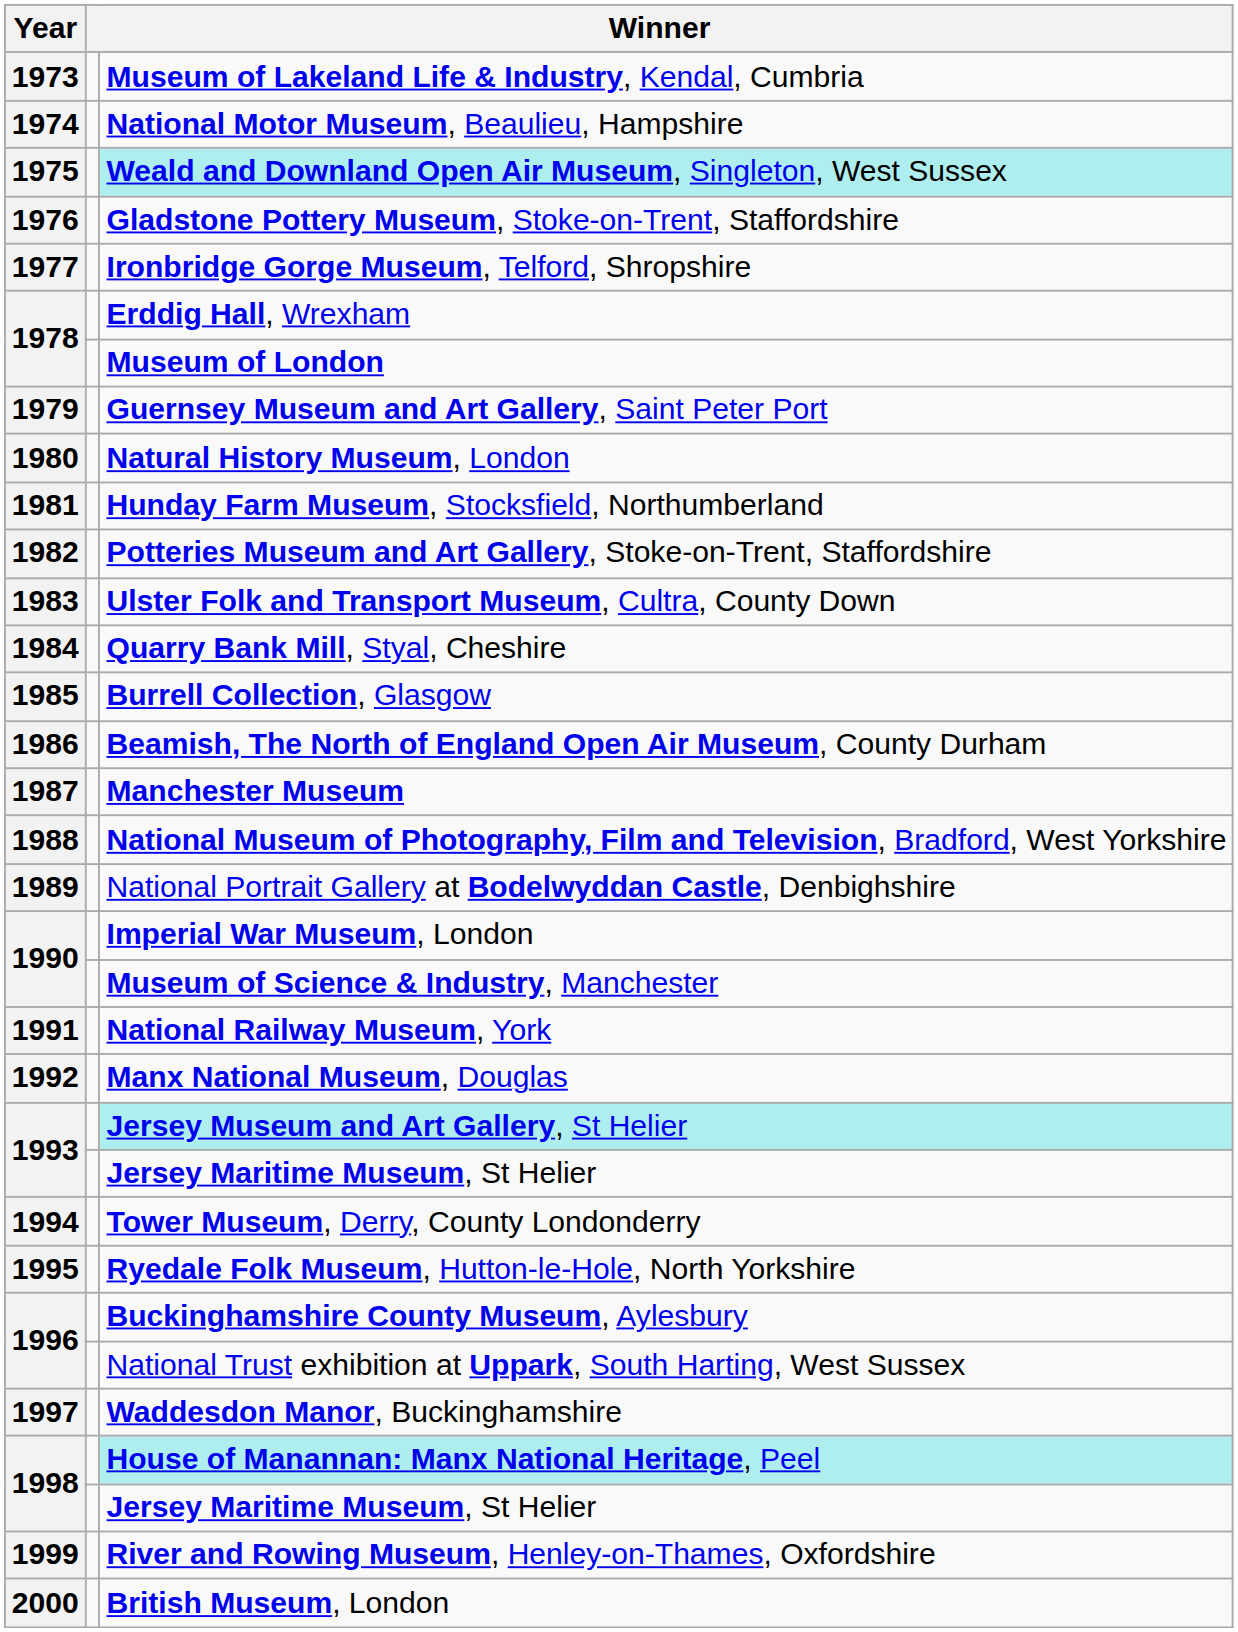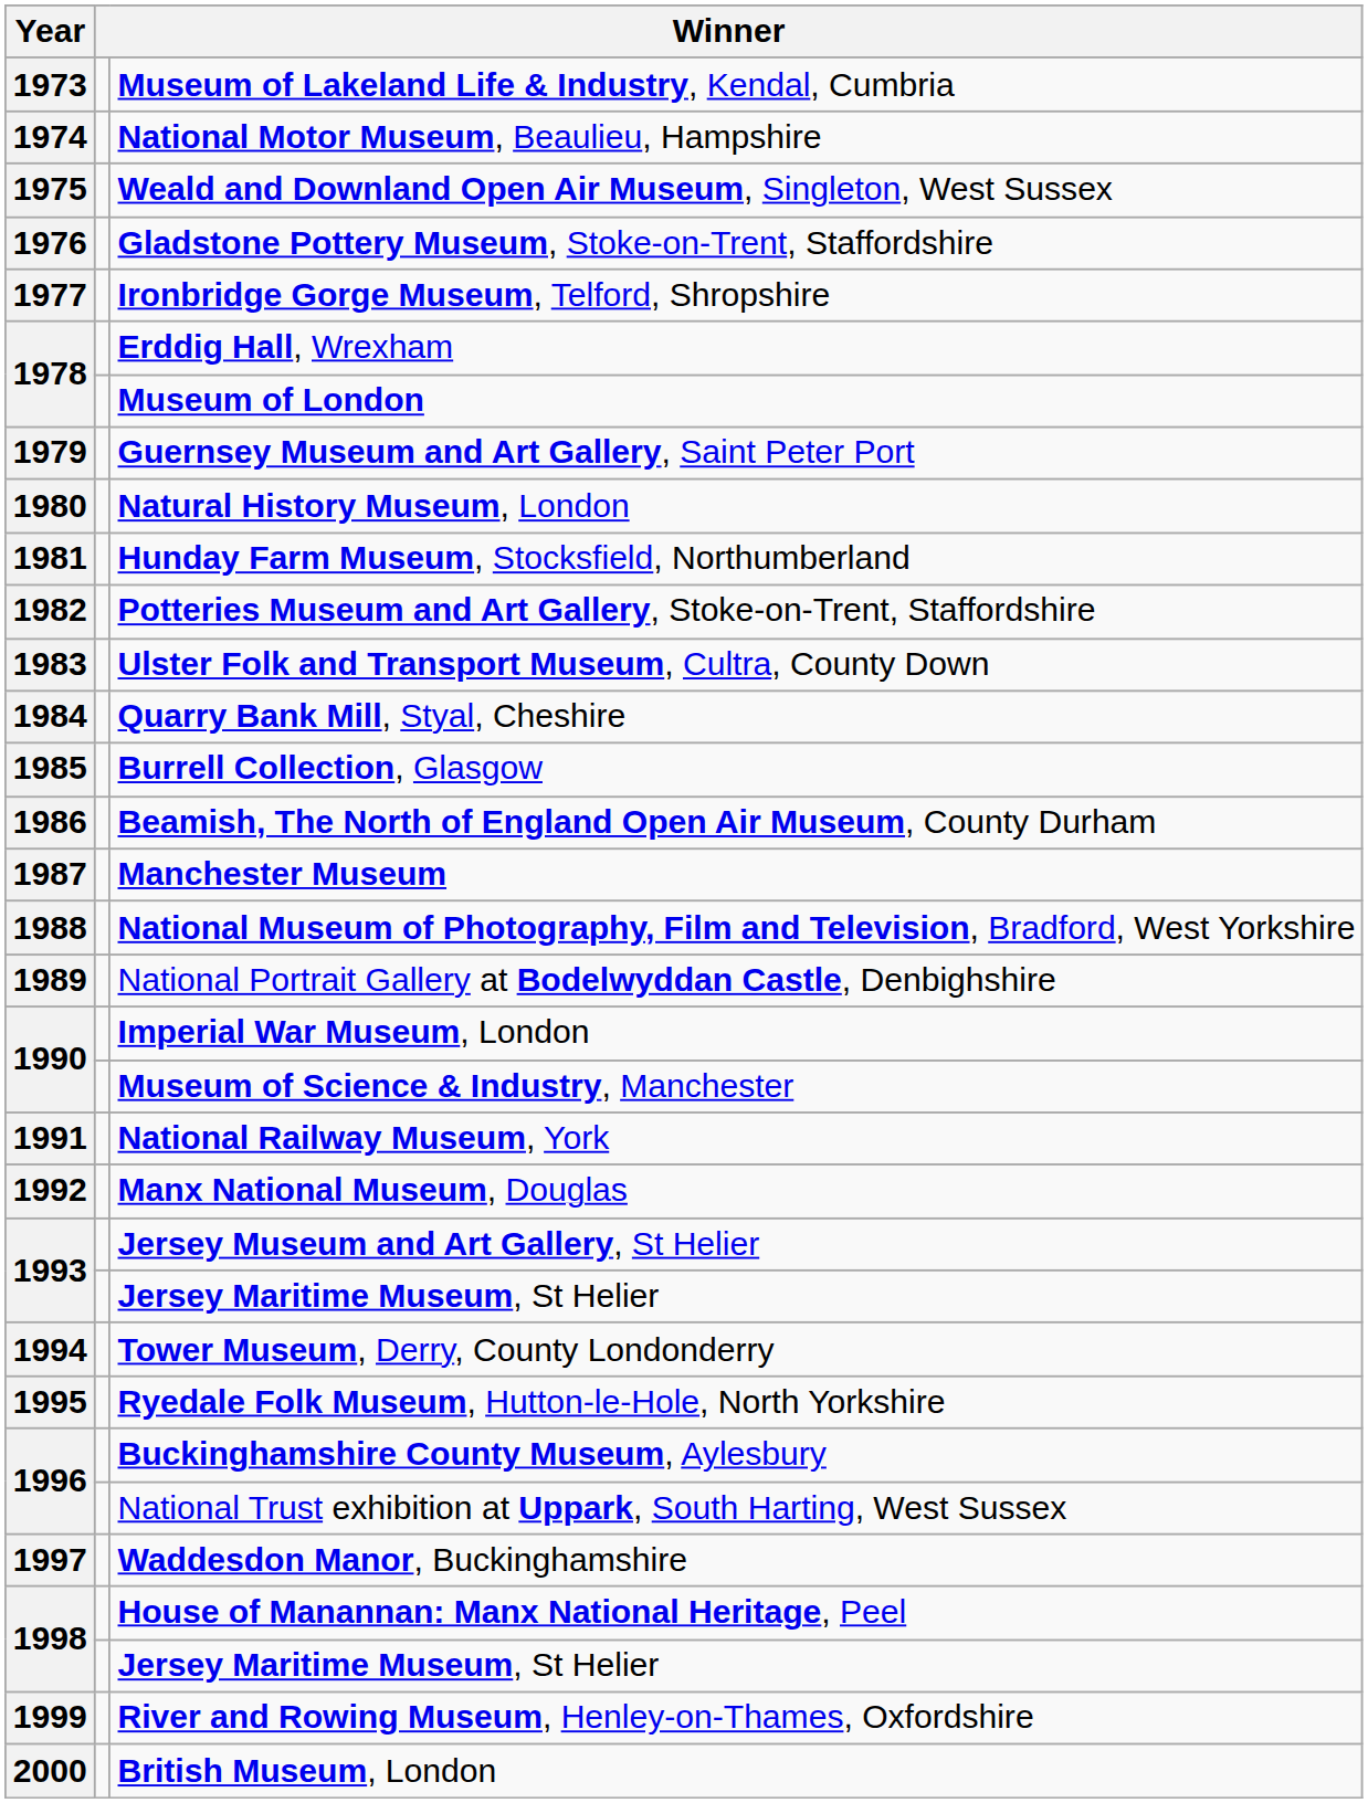 <table class="wikitable sortable plainrowheaders">
 <tr>
 <th scope="col" width=30>Year</th>
 <th class="unsortable" colspan=2>Winner</th>
 </tr>
 <tr>
 <th>1973</th>
 <td></td>
 <td><strong><a href='#'>Museum of Lakeland Life & Industry</a></strong>, <a href='#'>Kendal</a>, Cumbria</td>
 </tr>
 <tr>
 <th>1974</th>
 <td></td>
 <td><strong><a href='#'>National Motor Museum</a></strong>, <a href='#'>Beaulieu</a>, Hampshire</td>
 </tr>
 <tr>
 <th>1975</th>
 <td></td>
-<td style="background: paleturquoise;"><strong><a href='#'>Weald and Downland Open Air Museum</a></strong>, <a href='#'>Singleton</a>, West Sussex</td>
+<td><strong><a href='#'>Weald and Downland Open Air Museum</a></strong>, <a href='#'>Singleton</a>, West Sussex</td>
 </tr>
 <tr>
 <th>1976</th>
 <td></td>
 <td><strong><a href='#'>Gladstone Pottery Museum</a></strong>, <a href='#'>Stoke-on-Trent</a>, Staffordshire</td>
 </tr>
 <tr>
 <th>1977</th>
 <td></td>
 <td><strong><a href='#'>Ironbridge Gorge Museum</a></strong>, <a href='#'>Telford</a>, Shropshire</td>
 </tr>
 <tr>
 <th rowspan=2>1978</th>
 <td></td>
 <td><strong><a href='#'>Erddig Hall</a></strong>, <a href='#'>Wrexham</a></td>
 </tr>
 <tr>
 <td></td>
 <td><strong><a href='#'>Museum of London</a></strong></td>
 </tr>
 <tr>
 <th>1979</th>
 <td></td>
 <td><strong><a href='#'>Guernsey Museum and Art Gallery</a></strong>, <a href='#'>Saint Peter Port</a></td>
 </tr>
 <tr>
 <th>1980</th>
 <td></td>
 <td><strong><a href='#'>Natural History Museum</a></strong>, <a href='#'>London</a></td>
 </tr>
 <tr>
 <th>1981</th>
 <td></td>
 <td><strong><a href='#'>Hunday Farm Museum</a></strong>, <a href='#'>Stocksfield</a>, Northumberland</td>
 </tr>
 <tr>
 <th>1982</th>
 <td></td>
 <td><strong><a href='#'>Potteries Museum and Art Gallery</a></strong>, Stoke-on-Trent, Staffordshire</td>
 </tr>
 <tr>
 <th>1983</th>
 <td></td>
 <td><strong><a href='#'>Ulster Folk and Transport Museum</a></strong>, <a href='#'>Cultra</a>, County Down</td>
 </tr>
 <tr>
 <th>1984</th>
 <td></td>
 <td><strong><a href='#'>Quarry Bank Mill</a></strong>, <a href='#'>Styal</a>, Cheshire</td>
 </tr>
 <tr>
 <th>1985</th>
 <td></td>
 <td><strong><a href='#'>Burrell Collection</a></strong>, <a href='#'>Glasgow</a></td>
 </tr>
 <tr>
 <th>1986</th>
 <td></td>
 <td><strong><a href='#'>Beamish, The North of England Open Air Museum</a></strong>, County Durham</td>
 </tr>
 <tr>
 <th>1987</th>
 <td></td>
 <td><strong><a href='#'>Manchester Museum</a></strong></td>
 </tr>
 <tr>
 <th>1988</th>
 <td></td>
 <td><strong><a href='#'>National Museum of Photography, Film and Television</a></strong>, <a href='#'>Bradford</a>, West Yorkshire</td>
 </tr>
 <tr>
 <th>1989</th>
 <td></td>
 <td><a href='#'>National Portrait Gallery</a> at <strong><a href='#'>Bodelwyddan Castle</a></strong>, Denbighshire</td>
 </tr>
 <tr>
 <th rowspan=2>1990</th>
 <td></td>
 <td><strong><a href='#'>Imperial War Museum</a></strong>, London</td>
 </tr>
 <tr>
 <td></td>
 <td><strong><a href='#'>Museum of Science & Industry</a></strong>, <a href='#'>Manchester</a></td>
 </tr>
 <tr>
 <th>1991</th>
 <td></td>
 <td><strong><a href='#'>National Railway Museum</a></strong>, <a href='#'>York</a></td>
 </tr>
 <tr>
 <th>1992</th>
 <td></td>
 <td><strong><a href='#'>Manx National Museum</a></strong>, <a href='#'>Douglas</a></td>
 </tr>
 <tr>
 <th rowspan=2>1993</th>
 <td></td>
-<td style="background: paleturquoise;"><strong><a href='#'>Jersey Museum and Art Gallery</a></strong>, <a href='#'>St Helier</a></td>
+<td><strong><a href='#'>Jersey Museum and Art Gallery</a></strong>, <a href='#'>St Helier</a></td>
 </tr>
 <tr>
 <td></td>
 <td><strong><a href='#'>Jersey Maritime Museum</a></strong>, St Helier</td>
 </tr>
 <tr>
 <th>1994</th>
 <td></td>
 <td><strong><a href='#'>Tower Museum</a></strong>, <a href='#'>Derry</a>, County Londonderry</td>
 </tr>
 <tr>
 <th>1995</th>
 <td></td>
 <td><strong><a href='#'>Ryedale Folk Museum</a></strong>, <a href='#'>Hutton-le-Hole</a>, North Yorkshire</td>
 </tr>
 <tr>
 <th rowspan=2>1996</th>
 <td></td>
 <td><strong><a href='#'>Buckinghamshire County Museum</a></strong>, <a href='#'>Aylesbury</a></td>
 </tr>
 <tr>
 <td></td>
 <td><a href='#'>National Trust</a> exhibition at <strong><a href='#'>Uppark</a></strong>, <a href='#'>South Harting</a>,  West Sussex</td>
 </tr>
 <tr>
 <th>1997</th>
 <td></td>
 <td><strong><a href='#'>Waddesdon Manor</a></strong>, Buckinghamshire</td>
 </tr>
 <tr>
 <th rowspan=2>1998</th>
 <td></td>
-<td style="background: paleturquoise;"><strong><a href='#'>House of Manannan: Manx National Heritage</a></strong>, <a href='#'>Peel</a></td>
+<td><strong><a href='#'>House of Manannan: Manx National Heritage</a></strong>, <a href='#'>Peel</a></td>
 </tr>
 <tr>
 <td></td>
 <td><strong><a href='#'>Jersey Maritime Museum</a></strong>, St Helier</td>
 </tr>
 <tr>
 <th>1999</th>
 <td></td>
 <td><strong><a href='#'>River and Rowing Museum</a></strong>, <a href='#'>Henley-on-Thames</a>, Oxfordshire</td>
 </tr>
 <tr>
 <th>2000</th>
 <td></td>
 <td><strong><a href='#'>British Museum</a></strong>, London</td>
 </tr>
 </table>
